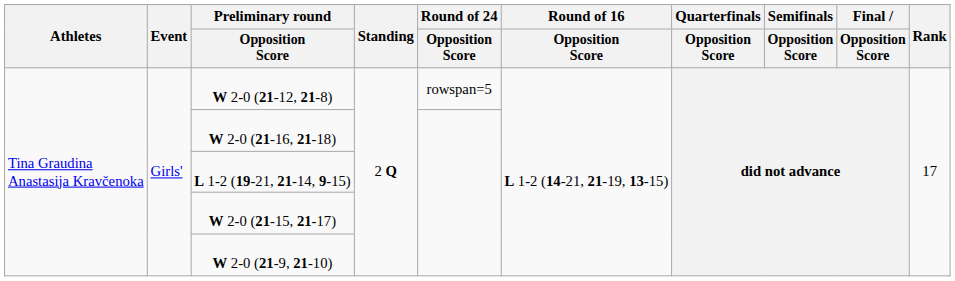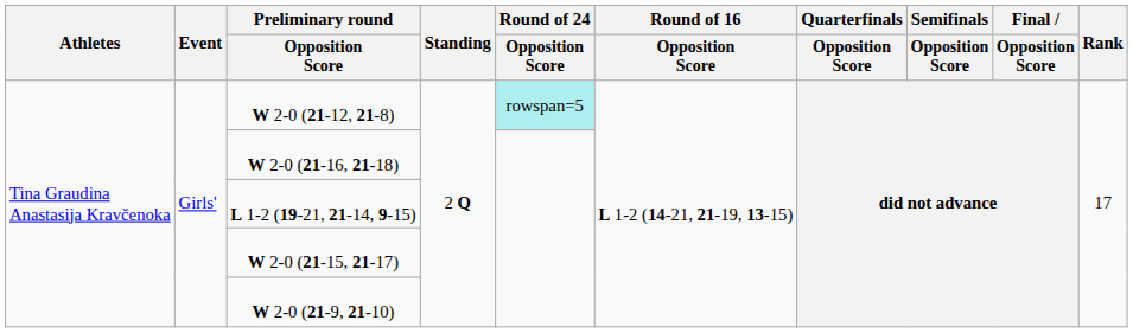 <table class=wikitable style="font-size:90%">
 <tr>
 <th rowspan="2">Athletes</th>
 <th rowspan="2">Event</th>
 <th>Preliminary round</th>
 <th rowspan="2">Standing</th>
 <th>Round of 24</th>
 <th>Round of 16</th>
 <th>Quarterfinals</th>
 <th>Semifinals</th>
 <th>Final / </th>
 <th rowspan=2>Rank</th>
 </tr>
 <tr style="font-size:95%">
 <th>Opposition<br>Score</th>
 <th>Opposition<br>Score</th>
 <th>Opposition<br>Score</th>
 <th>Opposition<br>Score</th>
 <th>Opposition<br>Score</th>
 <th>Opposition<br>Score</th>
 </tr>
 <tr align=center>
 <td align=left rowspan=5><a href='#'>Tina Graudina</a><br><a href='#'>Anastasija Kravčenoka</a></td>
 <td align=left rowspan=5><a href='#'>Girls'</a></td>
 <td><small></small><br> <strong>W</strong> 2-0 (<strong>21</strong>-12, <strong>21</strong>-8)</td>
 <td rowspan=5>2 <strong>Q</strong></td>
-<td>rowspan=5 </td>
+<td style="background: paleturquoise;">rowspan=5 </td>
 <td rowspan=5><small></small><br> <strong>L</strong> 1-2 (<strong>14</strong>-21, <strong>21</strong>-19, <strong>13</strong>-15)</td>
 <th colspan=3 rowspan=5>did not advance</th>
 <td rowspan=5>17</td>
 </tr>
 <tr align=center>
 <td><small></small><br> <strong>W</strong> 2-0 (<strong>21</strong>-16, <strong>21</strong>-18)</td>
 </tr>
 <tr align=center>
 <td><small></small><br> <strong>L</strong> 1-2 (<strong>19</strong>-21, <strong>21</strong>-14, <strong>9</strong>-15)</td>
 </tr>
 <tr align=center>
 <td><small></small><br> <strong>W</strong> 2-0 (<strong>21</strong>-15, <strong>21</strong>-17)</td>
 </tr>
 <tr align=center>
 <td><small></small><br> <strong>W</strong> 2-0 (<strong>21</strong>-9, <strong>21</strong>-10)</td>
 </tr>
 </table>
